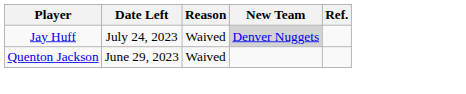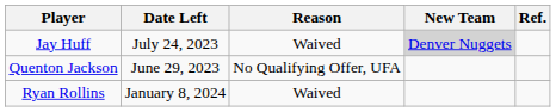 <table class="wikitable sortable sortable" style="text-align: center">
 <tr>
 <th>Player</th>
 <th>Date Left</th>
 <th>Reason</th>
 <th>New Team</th>
 <th>Ref.</th>
 </tr>
 <tr>
 <td><a href='#'>Jay Huff</a></td>
 <td>July 24, 2023</td>
 <td>Waived</td>
 <td style="background: lightgrey;"><a href='#'>Denver Nuggets</a></td>
 <td></td>
 </tr>
 <tr>
 <td><a href='#'>Quenton Jackson</a></td>
 <td>June 29, 2023</td>
+<td>No Qualifying Offer, UFA</td>
+<td></td>
+<td></td>
+</tr>
+<tr>
+<td><a href='#'>Ryan Rollins</a></td>
+<td>January 8, 2024</td>
 <td>Waived</td>
 <td></td>
 <td></td>
 </tr>
 </table>
